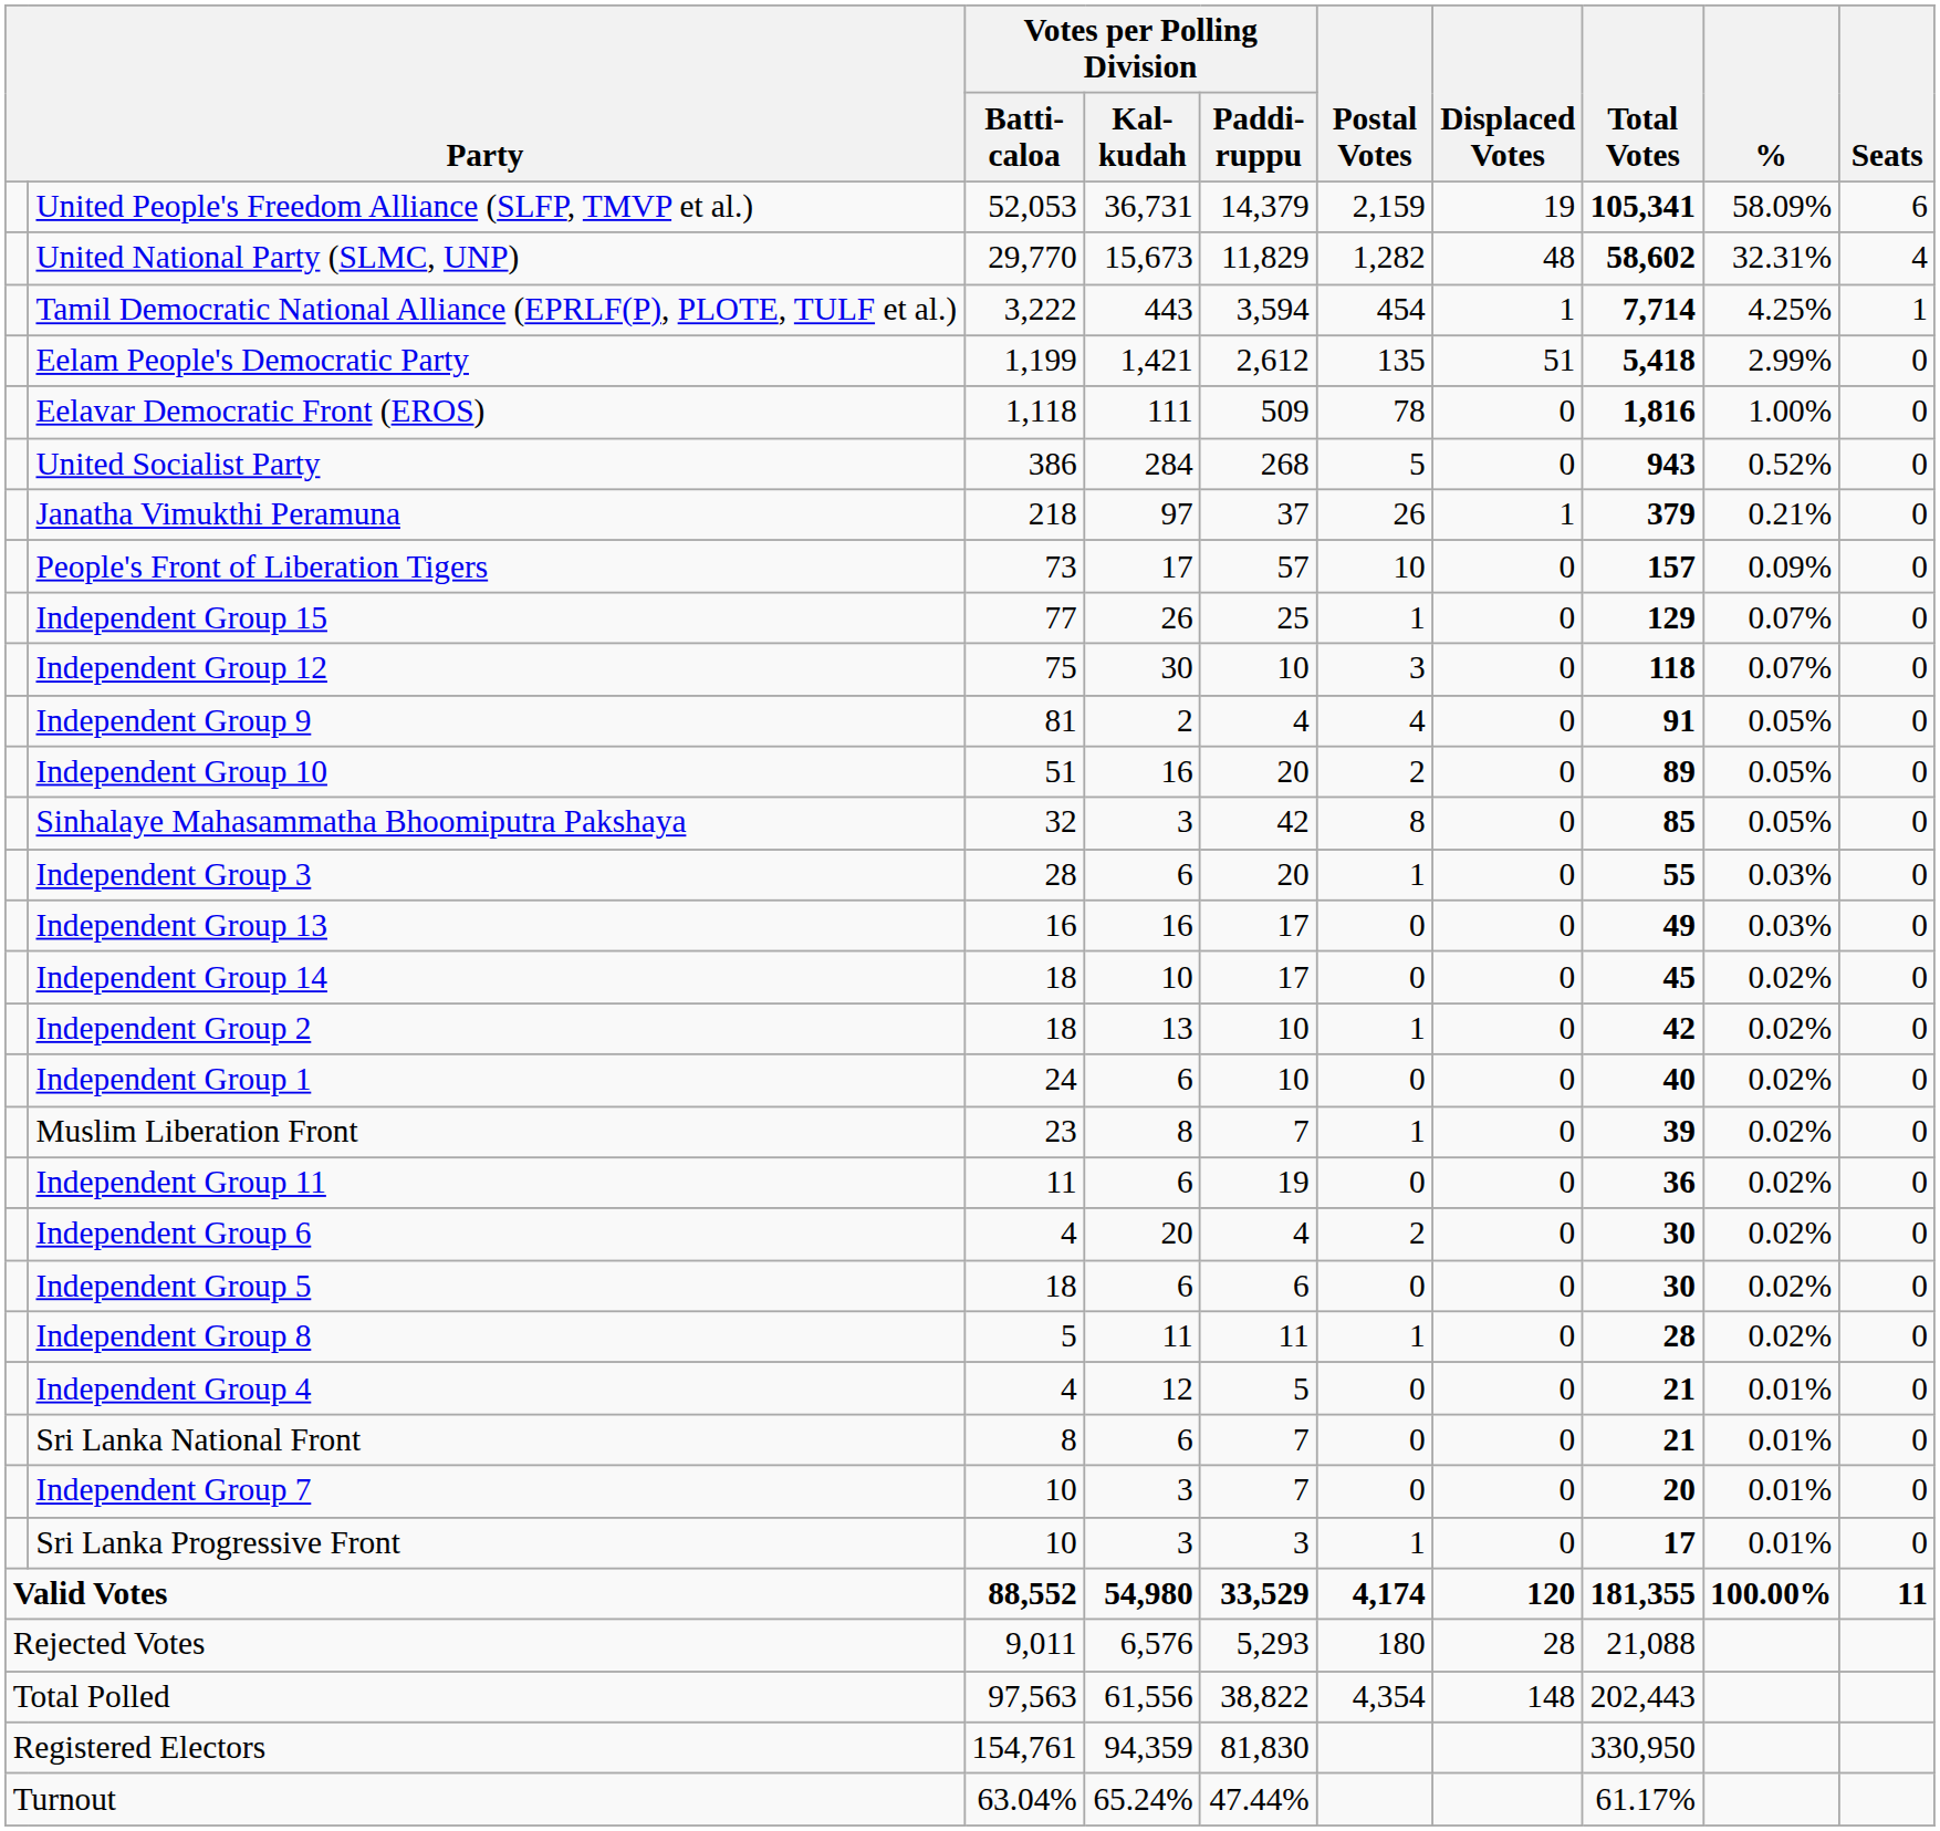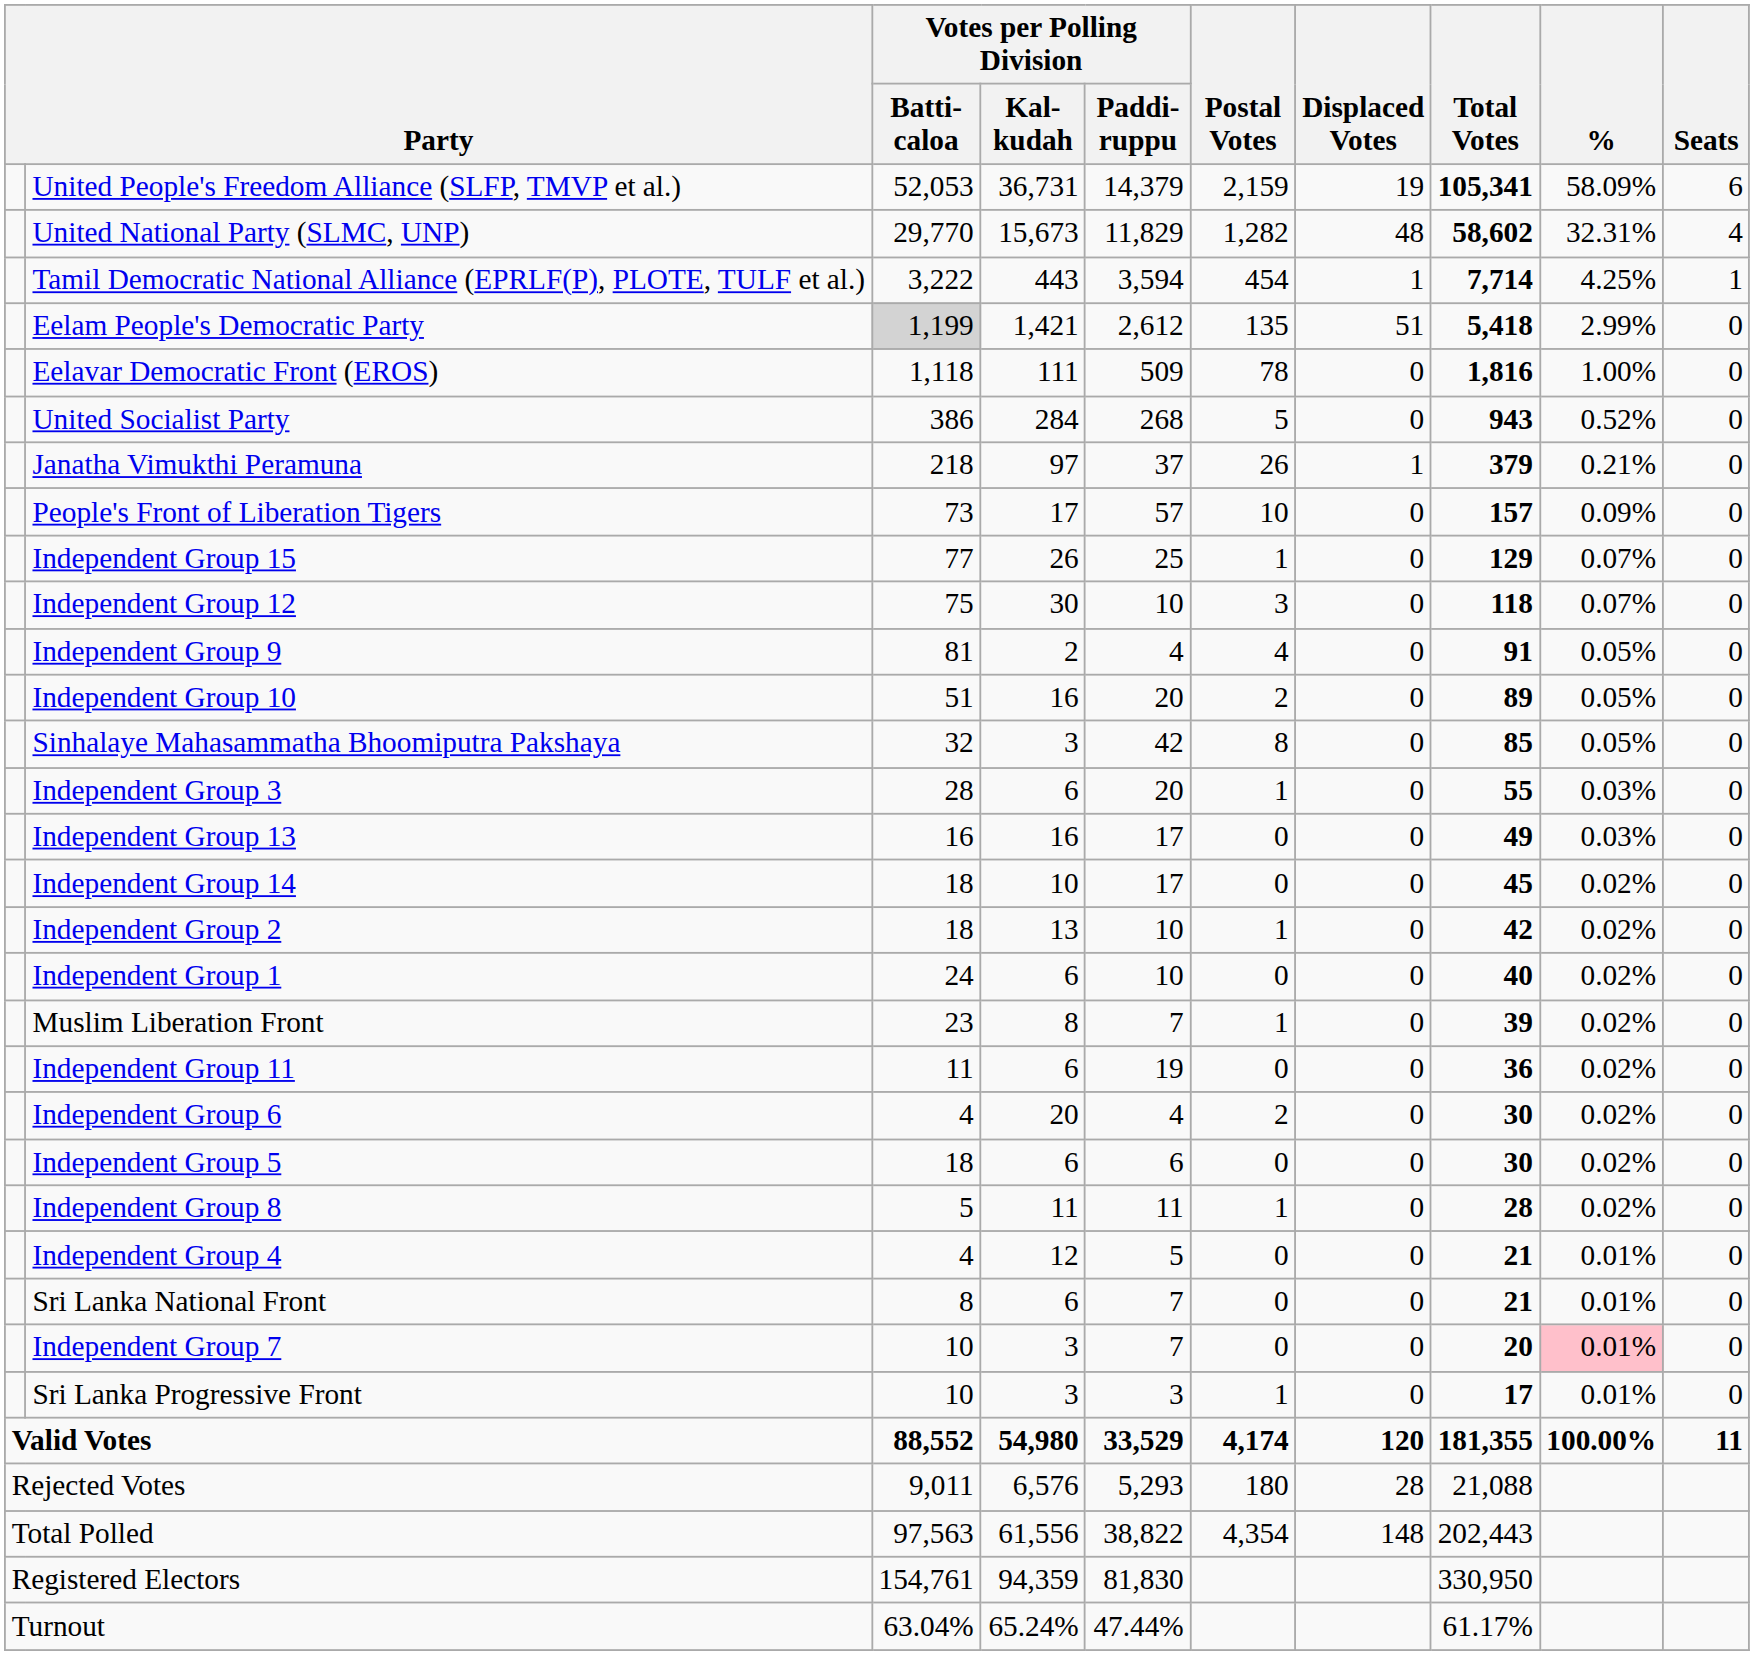 <table class="wikitable" border="1" style="text-align:right;">
 <tr>
 <th align=left valign=bottom rowspan=2 colspan=2>Party</th>
 <th colspan=3>Votes per Polling Division</th>
 <th align=center valign=bottom rowspan=2 width="50">Postal<br>Votes</th>
 <th align=center valign=bottom rowspan=2 width="50">Displaced<br>Votes</th>
 <th align=center valign=bottom rowspan=2 width="50">Total Votes</th>
 <th align=center valign=bottom rowspan=2 width="50">%</th>
 <th align=center valign=bottom rowspan=2 width="40">Seats</th>
 </tr>
 <tr>
 <th align=center valign=bottom width="50">Batti-<br>caloa</th>
 <th align=center valign=bottom width="50">Kal-<br>kudah</th>
 <th align=center valign=bottom width="50">Paddi-<br>ruppu</th>
 </tr>
 <tr>
 <td bgcolor=> </td>
 <td align=left><a href='#'>United People's Freedom Alliance</a> (<a href='#'>SLFP</a>, <a href='#'>TMVP</a> et al.)</td>
 <td>52,053</td>
 <td>36,731</td>
 <td>14,379</td>
 <td>2,159</td>
 <td>19</td>
 <td><strong>105,341</strong></td>
 <td>58.09%</td>
 <td>6</td>
 </tr>
 <tr>
 <td bgcolor=> </td>
 <td align=left><a href='#'>United National Party</a> (<a href='#'>SLMC</a>, <a href='#'>UNP</a>)</td>
 <td>29,770</td>
 <td>15,673</td>
 <td>11,829</td>
 <td>1,282</td>
 <td>48</td>
 <td><strong>58,602</strong></td>
 <td>32.31%</td>
 <td>4</td>
 </tr>
 <tr>
 <td bgcolor=> </td>
 <td align=left><a href='#'>Tamil Democratic National Alliance</a> (<a href='#'>EPRLF(P)</a>, <a href='#'>PLOTE</a>, <a href='#'>TULF</a> et al.)</td>
 <td>3,222</td>
 <td>443</td>
 <td>3,594</td>
 <td>454</td>
 <td>1</td>
 <td><strong>7,714</strong></td>
 <td>4.25%</td>
 <td>1</td>
 </tr>
 <tr>
 <td bgcolor=> </td>
 <td align=left><a href='#'>Eelam People's Democratic Party</a></td>
-<td>1,199</td>
+<td style="background: lightgrey;">1,199</td>
 <td>1,421</td>
 <td>2,612</td>
 <td>135</td>
 <td>51</td>
 <td><strong>5,418</strong></td>
 <td>2.99%</td>
 <td>0</td>
 </tr>
 <tr>
 <td bgcolor=> </td>
 <td align=left><a href='#'>Eelavar Democratic Front</a> (<a href='#'>EROS</a>)</td>
 <td>1,118</td>
 <td>111</td>
 <td>509</td>
 <td>78</td>
 <td>0</td>
 <td><strong>1,816</strong></td>
 <td>1.00%</td>
 <td>0</td>
 </tr>
 <tr>
 <td></td>
 <td align=left><a href='#'>United Socialist Party</a></td>
 <td>386</td>
 <td>284</td>
 <td>268</td>
 <td>5</td>
 <td>0</td>
 <td><strong>943</strong></td>
 <td>0.52%</td>
 <td>0</td>
 </tr>
 <tr>
 <td bgcolor=> </td>
 <td align=left><a href='#'>Janatha Vimukthi Peramuna</a></td>
 <td>218</td>
 <td>97</td>
 <td>37</td>
 <td>26</td>
 <td>1</td>
 <td><strong>379</strong></td>
 <td>0.21%</td>
 <td>0</td>
 </tr>
 <tr>
 <td></td>
 <td align=left><a href='#'>People's Front of Liberation Tigers</a></td>
 <td>73</td>
 <td>17</td>
 <td>57</td>
 <td>10</td>
 <td>0</td>
 <td><strong>157</strong></td>
 <td>0.09%</td>
 <td>0</td>
 </tr>
 <tr>
 <td bgcolor=> </td>
 <td align=left><a href='#'>Independent Group 15</a></td>
 <td>77</td>
 <td>26</td>
 <td>25</td>
 <td>1</td>
 <td>0</td>
 <td><strong>129</strong></td>
 <td>0.07%</td>
 <td>0</td>
 </tr>
 <tr>
 <td bgcolor=> </td>
 <td align=left><a href='#'>Independent Group 12</a></td>
 <td>75</td>
 <td>30</td>
 <td>10</td>
 <td>3</td>
 <td>0</td>
 <td><strong>118</strong></td>
 <td>0.07%</td>
 <td>0</td>
 </tr>
 <tr>
 <td bgcolor=> </td>
 <td align=left><a href='#'>Independent Group 9</a></td>
 <td>81</td>
 <td>2</td>
 <td>4</td>
 <td>4</td>
 <td>0</td>
 <td><strong>91</strong></td>
 <td>0.05%</td>
 <td>0</td>
 </tr>
 <tr>
 <td bgcolor=> </td>
 <td align=left><a href='#'>Independent Group 10</a></td>
 <td>51</td>
 <td>16</td>
 <td>20</td>
 <td>2</td>
 <td>0</td>
 <td><strong>89</strong></td>
 <td>0.05%</td>
 <td>0</td>
 </tr>
 <tr>
 <td bgcolor=> </td>
 <td align=left><a href='#'>Sinhalaye Mahasammatha Bhoomiputra Pakshaya</a></td>
 <td>32</td>
 <td>3</td>
 <td>42</td>
 <td>8</td>
 <td>0</td>
 <td><strong>85</strong></td>
 <td>0.05%</td>
 <td>0</td>
 </tr>
 <tr>
 <td bgcolor=> </td>
 <td align=left><a href='#'>Independent Group 3</a></td>
 <td>28</td>
 <td>6</td>
 <td>20</td>
 <td>1</td>
 <td>0</td>
 <td><strong>55</strong></td>
 <td>0.03%</td>
 <td>0</td>
 </tr>
 <tr>
 <td bgcolor=> </td>
 <td align=left><a href='#'>Independent Group 13</a></td>
 <td>16</td>
 <td>16</td>
 <td>17</td>
 <td>0</td>
 <td>0</td>
 <td><strong>49</strong></td>
 <td>0.03%</td>
 <td>0</td>
 </tr>
 <tr>
 <td bgcolor=> </td>
 <td align=left><a href='#'>Independent Group 14</a></td>
 <td>18</td>
 <td>10</td>
 <td>17</td>
 <td>0</td>
 <td>0</td>
 <td><strong>45</strong></td>
 <td>0.02%</td>
 <td>0</td>
 </tr>
 <tr>
 <td bgcolor=> </td>
 <td align=left><a href='#'>Independent Group 2</a></td>
 <td>18</td>
 <td>13</td>
 <td>10</td>
 <td>1</td>
 <td>0</td>
 <td><strong>42</strong></td>
 <td>0.02%</td>
 <td>0</td>
 </tr>
 <tr>
 <td bgcolor=> </td>
 <td align=left><a href='#'>Independent Group 1</a></td>
 <td>24</td>
 <td>6</td>
 <td>10</td>
 <td>0</td>
 <td>0</td>
 <td><strong>40</strong></td>
 <td>0.02%</td>
 <td>0</td>
 </tr>
 <tr>
 <td></td>
 <td align=left>Muslim Liberation Front</td>
 <td>23</td>
 <td>8</td>
 <td>7</td>
 <td>1</td>
 <td>0</td>
 <td><strong>39</strong></td>
 <td>0.02%</td>
 <td>0</td>
 </tr>
 <tr>
 <td bgcolor=> </td>
 <td align=left><a href='#'>Independent Group 11</a></td>
 <td>11</td>
 <td>6</td>
 <td>19</td>
 <td>0</td>
 <td>0</td>
 <td><strong>36</strong></td>
 <td>0.02%</td>
 <td>0</td>
 </tr>
 <tr>
 <td bgcolor=> </td>
 <td align=left><a href='#'>Independent Group 6</a></td>
 <td>4</td>
 <td>20</td>
 <td>4</td>
 <td>2</td>
 <td>0</td>
 <td><strong>30</strong></td>
 <td>0.02%</td>
 <td>0</td>
 </tr>
 <tr>
 <td bgcolor=> </td>
 <td align=left><a href='#'>Independent Group 5</a></td>
 <td>18</td>
 <td>6</td>
 <td>6</td>
 <td>0</td>
 <td>0</td>
 <td><strong>30</strong></td>
 <td>0.02%</td>
 <td>0</td>
 </tr>
 <tr>
 <td bgcolor=> </td>
 <td align=left><a href='#'>Independent Group 8</a></td>
 <td>5</td>
 <td>11</td>
 <td>11</td>
 <td>1</td>
 <td>0</td>
 <td><strong>28</strong></td>
 <td>0.02%</td>
 <td>0</td>
 </tr>
 <tr>
 <td bgcolor=> </td>
 <td align=left><a href='#'>Independent Group 4</a></td>
 <td>4</td>
 <td>12</td>
 <td>5</td>
 <td>0</td>
 <td>0</td>
 <td><strong>21</strong></td>
 <td>0.01%</td>
 <td>0</td>
 </tr>
 <tr>
 <td></td>
 <td align=left>Sri Lanka National Front</td>
 <td>8</td>
 <td>6</td>
 <td>7</td>
 <td>0</td>
 <td>0</td>
 <td><strong>21</strong></td>
 <td>0.01%</td>
 <td>0</td>
 </tr>
 <tr>
 <td bgcolor=> </td>
 <td align=left><a href='#'>Independent Group 7</a></td>
 <td>10</td>
 <td>3</td>
 <td>7</td>
 <td>0</td>
 <td>0</td>
 <td><strong>20</strong></td>
-<td>0.01%</td>
+<td style="background: pink;">0.01%</td>
 <td>0</td>
 </tr>
 <tr>
 <td></td>
 <td align=left>Sri Lanka Progressive Front</td>
 <td>10</td>
 <td>3</td>
 <td>3</td>
 <td>1</td>
 <td>0</td>
 <td><strong>17</strong></td>
 <td>0.01%</td>
 <td>0</td>
 </tr>
 <tr>
 <td align=left colspan=2><strong>Valid Votes</strong></td>
 <td><strong>88,552</strong></td>
 <td><strong>54,980</strong></td>
 <td><strong>33,529</strong></td>
 <td><strong>4,174</strong></td>
 <td><strong>120</strong></td>
 <td><strong>181,355</strong></td>
 <td><strong>100.00%</strong></td>
 <td><strong>11</strong></td>
 </tr>
 <tr>
 <td align=left colspan=2>Rejected Votes</td>
 <td>9,011</td>
 <td>6,576</td>
 <td>5,293</td>
 <td>180</td>
 <td>28</td>
 <td>21,088</td>
 <td></td>
 <td></td>
 </tr>
 <tr>
 <td align=left colspan=2>Total Polled</td>
 <td>97,563</td>
 <td>61,556</td>
 <td>38,822</td>
 <td>4,354</td>
 <td>148</td>
 <td>202,443</td>
 <td></td>
 <td></td>
 </tr>
 <tr>
 <td align=left colspan=2>Registered Electors</td>
 <td>154,761</td>
 <td>94,359</td>
 <td>81,830</td>
 <td></td>
 <td></td>
 <td>330,950</td>
 <td></td>
 <td></td>
 </tr>
 <tr>
 <td align=left colspan=2>Turnout</td>
 <td>63.04%</td>
 <td>65.24%</td>
 <td>47.44%</td>
 <td></td>
 <td></td>
 <td>61.17%</td>
 <td></td>
 <td></td>
 </tr>
 </table>
